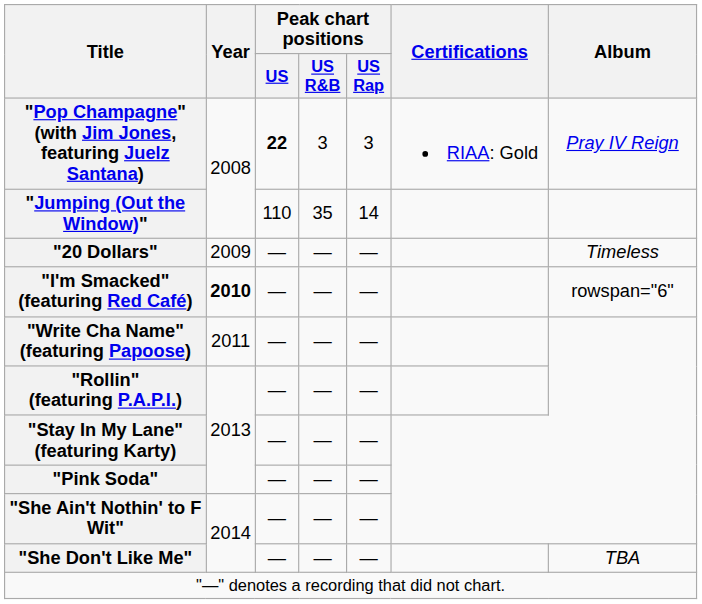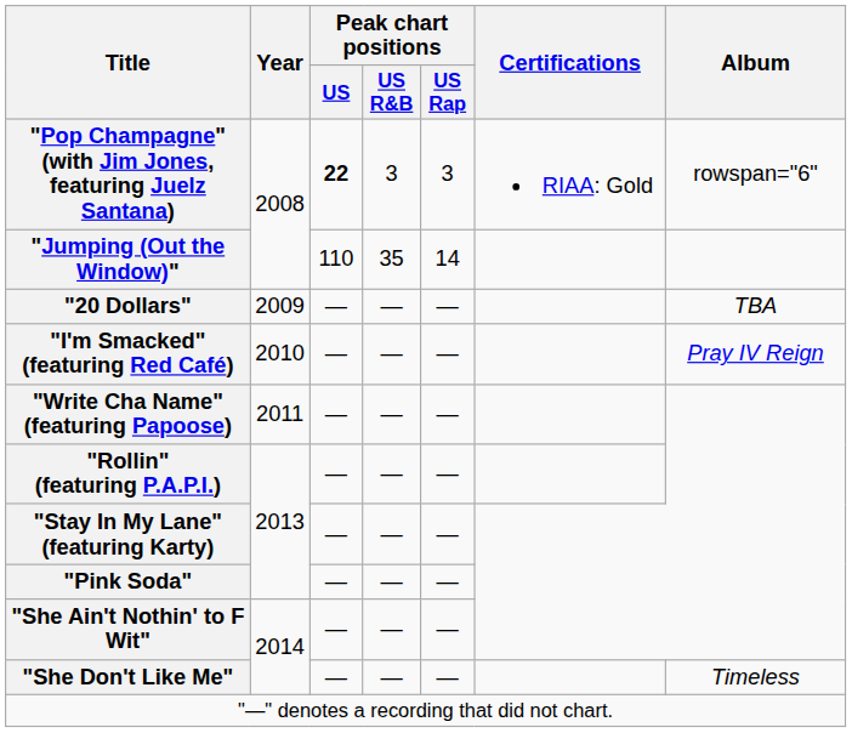 <table class="wikitable plainrowheaders" style="text-align:center;">
 <tr>
 <th scope="col" rowspan="2" style="width:20em;">Title</th>
 <th scope="col" rowspan="2">Year</th>
 <th scope="col" colspan="3">Peak chart positions</th>
 <th scope="col" rowspan="2" style="width:12em;"><a href='#'>Certifications</a></th>
 <th scope="col" rowspan="2" style="width:12em;">Album</th>
 </tr>
 <tr>
 <th style="width:3em; font-size:90%"><a href='#'>US</a></th>
 <th style="width:3em; font-size:90%"><a href='#'>US<br>R&B</a></th>
 <th style="width:3em; font-size:90%"><a href='#'>US<br>Rap</a></th>
 </tr>
 <tr>
 <th scope="row">"<a href='#'>Pop Champagne</a>"<br><span>(with <a href='#'>Jim Jones</a>, featuring <a href='#'>Juelz Santana</a>)</span></th>
 <td rowspan="2">2008</td>
 <td><strong>22</strong></td>
 <td>3</td>
 <td>3</td>
 <td><br><ul><li><a href='#'>RIAA</a>: Gold</li></ul></td>
-<td><em><a href='#'>Pray IV Reign</a></em></td>
+<td>rowspan="6" </td>
 </tr>
 <tr>
 <th scope="row">"<a href='#'>Jumping (Out the Window)</a>"</th>
 <td>110</td>
 <td>35</td>
 <td>14</td>
 <td></td>
 <td></td>
 </tr>
 <tr>
 <th scope="row">"20 Dollars"</th>
 <td>2009</td>
 <td>—</td>
 <td>—</td>
 <td>—</td>
 <td></td>
-<td><em>Timeless</em></td>
+<td><em>TBA</em></td>
 </tr>
 <tr>
 <th scope="row">"I'm Smacked"<br><span>(featuring <a href='#'>Red Café</a>)</span></th>
-<td><strong>2010</strong></td>
+<td>2010</td>
 <td>—</td>
 <td>—</td>
 <td>—</td>
 <td></td>
-<td>rowspan="6" </td>
+<td><em><a href='#'>Pray IV Reign</a></em></td>
 </tr>
 <tr>
 <th scope="row">"Write Cha Name"<br><span>(featuring <a href='#'>Papoose</a>)</span></th>
 <td>2011</td>
 <td>—</td>
 <td>—</td>
 <td>—</td>
 <td></td>
 </tr>
 <tr>
 <th scope="row">"Rollin"<br><span>(featuring <a href='#'>P.A.P.I.</a>)</span></th>
 <td rowspan="3">2013</td>
 <td>—</td>
 <td>—</td>
 <td>—</td>
 <td></td>
 </tr>
 <tr>
 <th scope="row">"Stay In My Lane"<br><span>(featuring Karty)</span></th>
 <td>—</td>
 <td>—</td>
 <td>—</td>
 </tr>
 <tr>
 <th scope="row">"Pink Soda"</th>
 <td>—</td>
 <td>—</td>
 <td>—</td>
 </tr>
 <tr>
 <th scope="row">"She Ain't Nothin' to F Wit"</th>
 <td rowspan="2">2014</td>
 <td>—</td>
 <td>—</td>
 <td>—</td>
 </tr>
 <tr>
 <th scope="row">"She Don't Like Me"</th>
 <td>—</td>
 <td>—</td>
 <td>—</td>
 <td></td>
-<td><em>TBA</em></td>
+<td><em>Timeless</em></td>
 </tr>
 <tr>
 <td colspan="7" style="font-size:90%">"—" denotes a recording that did not chart.</td>
 </tr>
 </table>
